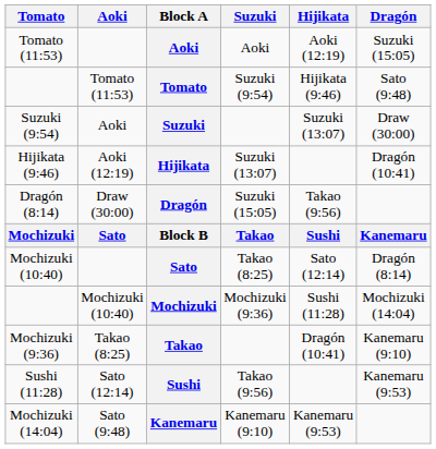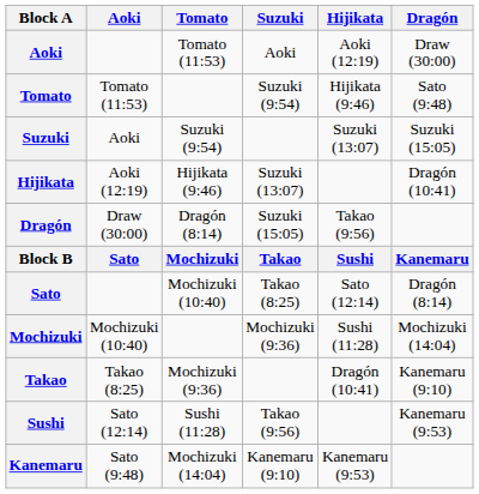 <table class="wikitable" style="margin: 1em auto 1em auto;text-align:center">
 <tr>
+<th>Block A</th>
+<th><a href='#'>Aoki</a></th>
 <th><a href='#'>Tomato</a></th>
-<th><a href='#'>Aoki</a></th>
-<th>Block A</th>
 <th><a href='#'>Suzuki</a></th>
 <th><a href='#'>Hijikata</a></th>
 <th><a href='#'>Dragón</a></th>
 </tr>
 <tr>
+<th><a href='#'>Aoki</a></th>
+<td></td>
+<td>Tomato<br>(11:53)</td>
+<td>Aoki</td>
+<td>Aoki<br>(12:19)</td>
+<td>Draw<br>(30:00)</td>
+</tr>
+<tr>
+<th><a href='#'>Tomato</a></th>
 <td>Tomato<br>(11:53)</td>
 <td></td>
-<th><a href='#'>Aoki</a></th>
-<td>Aoki</td>
-<td>Aoki<br>(12:19)</td>
-<td>Suzuki<br>(15:05)</td>
-</tr>
-<tr>
-<td></td>
-<td>Tomato<br>(11:53)</td>
-<th><a href='#'>Tomato</a></th>
 <td>Suzuki<br>(9:54)</td>
 <td>Hijikata<br>(9:46)</td>
 <td>Sato<br>(9:48)</td>
 </tr>
 <tr>
+<th><a href='#'>Suzuki</a></th>
+<td>Aoki</td>
 <td>Suzuki<br>(9:54)</td>
-<td>Aoki</td>
-<th><a href='#'>Suzuki</a></th>
 <td></td>
 <td>Suzuki<br>(13:07)</td>
-<td>Draw<br>(30:00)</td>
+<td>Suzuki<br>(15:05)</td>
 </tr>
 <tr>
+<th><a href='#'>Hijikata</a></th>
+<td>Aoki<br>(12:19)</td>
 <td>Hijikata<br>(9:46)</td>
-<td>Aoki<br>(12:19)</td>
-<th><a href='#'>Hijikata</a></th>
 <td>Suzuki<br>(13:07)</td>
 <td></td>
 <td>Dragón<br>(10:41)</td>
 </tr>
 <tr>
+<th><a href='#'>Dragón</a></th>
+<td>Draw<br>(30:00)</td>
 <td>Dragón<br>(8:14)</td>
-<td>Draw<br>(30:00)</td>
-<th><a href='#'>Dragón</a></th>
 <td>Suzuki<br>(15:05)</td>
 <td>Takao<br>(9:56)</td>
 <td></td>
 </tr>
 <tr>
+<th>Block B</th>
+<th><a href='#'>Sato</a></th>
 <th><a href='#'>Mochizuki</a></th>
-<th><a href='#'>Sato</a></th>
-<th>Block B</th>
 <th><a href='#'>Takao</a></th>
 <th><a href='#'>Sushi</a></th>
 <th><a href='#'>Kanemaru</a></th>
 </tr>
 <tr>
+<th><a href='#'>Sato</a></th>
+<td></td>
 <td>Mochizuki<br>(10:40)</td>
-<td></td>
-<th><a href='#'>Sato</a></th>
 <td>Takao<br>(8:25)</td>
 <td>Sato<br>(12:14)</td>
 <td>Dragón<br>(8:14)</td>
 </tr>
 <tr>
+<th><a href='#'>Mochizuki</a></th>
+<td>Mochizuki<br>(10:40)</td>
 <td></td>
-<td>Mochizuki<br>(10:40)</td>
-<th><a href='#'>Mochizuki</a></th>
 <td>Mochizuki<br>(9:36)</td>
 <td>Sushi<br>(11:28)</td>
 <td>Mochizuki<br>(14:04)</td>
 </tr>
 <tr>
+<th><a href='#'>Takao</a></th>
+<td>Takao<br>(8:25)</td>
 <td>Mochizuki<br>(9:36)</td>
-<td>Takao<br>(8:25)</td>
-<th><a href='#'>Takao</a></th>
 <td></td>
 <td>Dragón<br>(10:41)</td>
 <td>Kanemaru<br>(9:10)</td>
 </tr>
 <tr>
+<th><a href='#'>Sushi</a></th>
+<td>Sato<br>(12:14)</td>
 <td>Sushi<br>(11:28)</td>
-<td>Sato<br>(12:14)</td>
-<th><a href='#'>Sushi</a></th>
 <td>Takao<br>(9:56)</td>
 <td></td>
 <td>Kanemaru<br>(9:53)</td>
 </tr>
 <tr>
+<th><a href='#'>Kanemaru</a></th>
+<td>Sato<br>(9:48)</td>
 <td>Mochizuki<br>(14:04)</td>
-<td>Sato<br>(9:48)</td>
-<th><a href='#'>Kanemaru</a></th>
 <td>Kanemaru<br>(9:10)</td>
 <td>Kanemaru<br>(9:53)</td>
 <td></td>
 </tr>
 </table>
